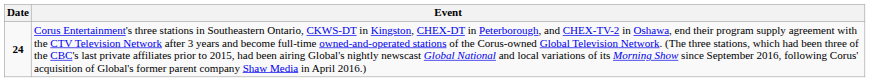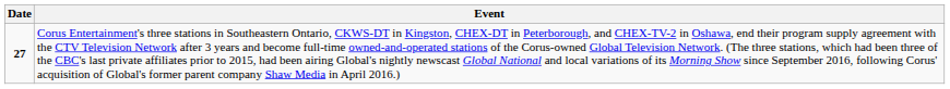 <table class="wikitable">
 <tr>
 <th>Date</th>
 <th>Event</th>
 </tr>
 <tr>
-<td style="text-align:center;"><strong>24</strong></td>
+<td style="text-align:center;"><strong>27</strong></td>
 <td><a href='#'>Corus Entertainment</a>'s three stations in Southeastern Ontario, <a href='#'>CKWS-DT</a> in <a href='#'>Kingston</a>, <a href='#'>CHEX-DT</a> in <a href='#'>Peterborough</a>, and <a href='#'>CHEX-TV-2</a> in <a href='#'>Oshawa</a>, end their program supply agreement with the <a href='#'>CTV Television Network</a> after 3 years and become full-time <a href='#'>owned-and-operated stations</a> of the Corus-owned <a href='#'>Global Television Network</a>. (The three stations, which had been three of the <a href='#'>CBC</a>'s last private affiliates prior to 2015, had been airing Global's nightly newscast <em><a href='#'>Global National</a></em> and local variations of its <em><a href='#'>Morning Show</a></em> since September 2016, following Corus' acquisition of Global's former parent company <a href='#'>Shaw Media</a> in April 2016.)</td>
 </tr>
 </table>
